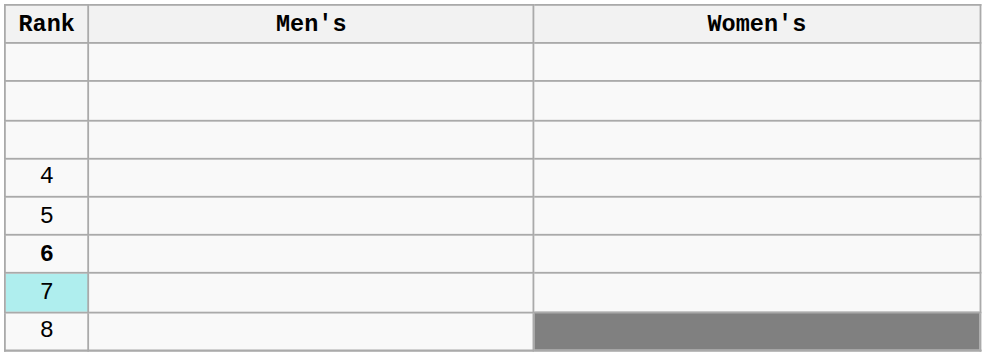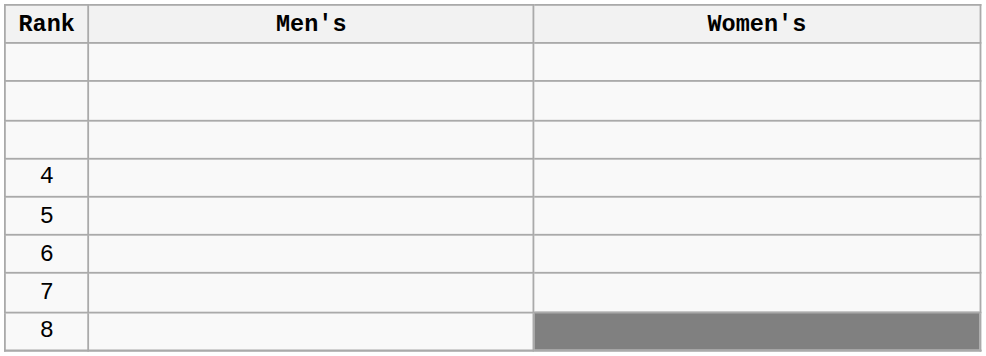 <table class="wikitable" style="text-align: center;">
 <tr>
 <th width=40>Rank</th>
 <th width=240>Men's</th>
 <th width=240>Women's</th>
 </tr>
 <tr>
 <td></td>
 <td align="left"><br></td>
 <td align="left"></td>
 </tr>
 <tr>
 <td></td>
 <td align="left"><br></td>
 <td align="left"></td>
 </tr>
 <tr>
 <td></td>
 <td align="left"><br></td>
 <td align="left"></td>
 </tr>
 <tr>
 <td>4</td>
 <td align="left"><br></td>
 <td align="left"></td>
 </tr>
 <tr>
 <td>5</td>
 <td align="left"></td>
 <td align="left"></td>
 </tr>
 <tr>
-<td><strong>6</strong></td>
+<td>6</td>
 <td align="left"></td>
 <td align="left"></td>
 </tr>
 <tr>
-<td style="background: paleturquoise;">7</td>
+<td>7</td>
 <td align="left"></td>
 <td align="left"></td>
 </tr>
 <tr>
 <td>8</td>
 <td align="left"></td>
 <td bgcolor="grey" rowspan="1"></td>
 </tr>
 <tr>
 </tr>
 </table>
